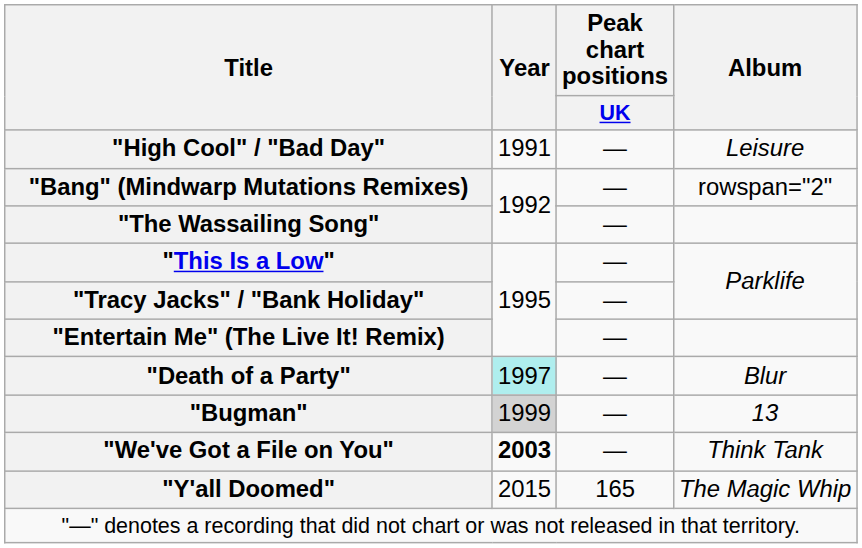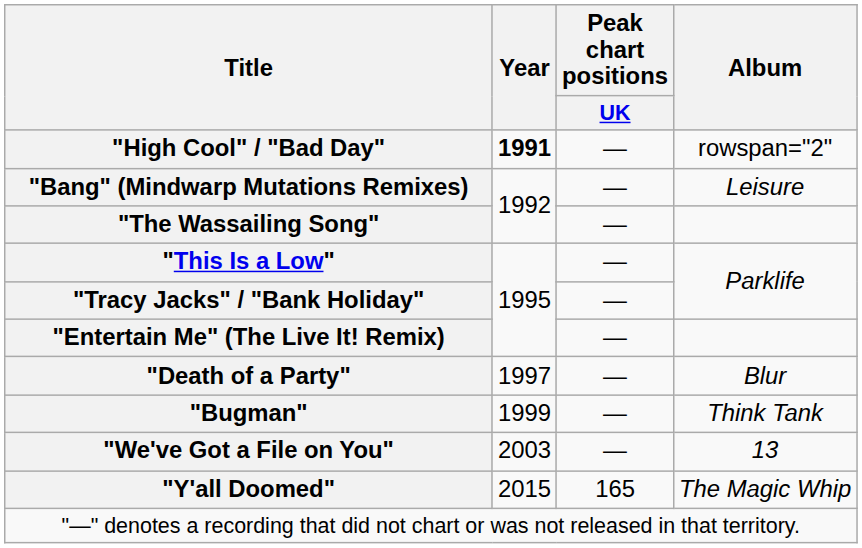 <table class="wikitable plainrowheaders" style="text-align:center;">
 <tr>
 <th scope="col" style="width:20em;" rowspan="2">Title</th>
 <th scope="col" rowspan="2">Year</th>
 <th scope="col" colspan="1">Peak chart positions</th>
 <th scope="col" rowspan="2">Album</th>
 </tr>
 <tr>
 <th scope="col" style="width:3em;font-size:90%;"><a href='#'>UK</a><br></th>
 </tr>
 <tr>
 <th scope="row">"High Cool" / "Bad Day"</th>
-<td>1991</td>
+<td><strong>1991</strong></td>
 <td>—</td>
-<td><em>Leisure</em></td>
+<td>rowspan="2"  </td>
 </tr>
 <tr>
 <th scope="row">"Bang" (Mindwarp Mutations Remixes)</th>
 <td rowspan="2">1992</td>
 <td>—</td>
-<td>rowspan="2"  </td>
+<td><em>Leisure</em></td>
 </tr>
 <tr>
 <th scope="row">"The Wassailing Song"</th>
 <td>—</td>
 </tr>
 <tr>
 <th scope="row">"<a href='#'>This Is a Low</a>"</th>
 <td rowspan="3">1995</td>
 <td>—</td>
 <td rowspan="2"><em>Parklife</em></td>
 </tr>
 <tr>
 <th scope="row">"Tracy Jacks" / "Bank Holiday"</th>
 <td>—</td>
 </tr>
 <tr>
 <th scope="row">"Entertain Me" (The Live It! Remix)</th>
 <td>—</td>
 <td></td>
 </tr>
 <tr>
 <th scope="row">"Death of a Party"</th>
-<td style="background: paleturquoise;">1997</td>
+<td>1997</td>
 <td>—</td>
 <td><em>Blur</em></td>
 </tr>
 <tr>
 <th scope="row">"Bugman"</th>
-<td style="background: lightgrey;">1999</td>
+<td>1999</td>
 <td>—</td>
-<td><em>13</em></td>
+<td><em>Think Tank</em></td>
 </tr>
 <tr>
 <th scope="row">"We've Got a File on You"</th>
-<td><strong>2003</strong></td>
+<td>2003</td>
 <td>—</td>
-<td><em>Think Tank</em></td>
+<td><em>13</em></td>
 </tr>
 <tr>
 <th scope="row">"Y'all Doomed"</th>
 <td>2015</td>
 <td>165</td>
 <td><em>The Magic Whip</em></td>
 </tr>
 <tr>
 <td colspan="14" style="font-size:90%">"—" denotes a recording that did not chart or was not released in that territory.</td>
 </tr>
 </table>
